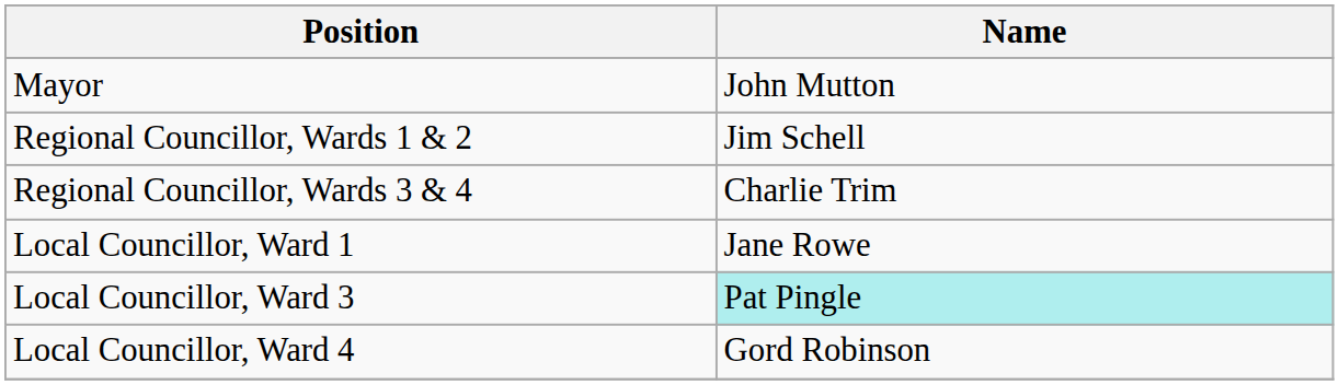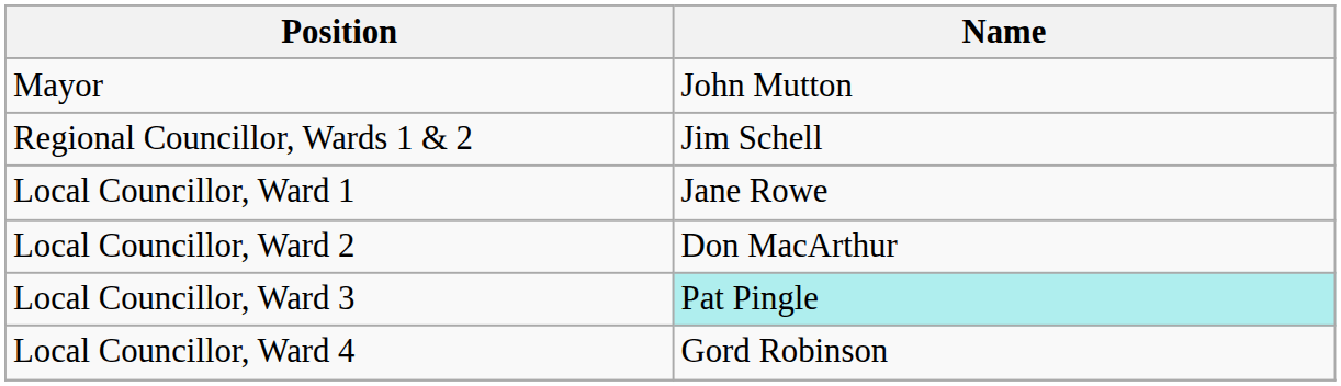 <table class="wikitable" style="width:50%;">
 <tr>
 <th bgcolor="#DDDDFF" width="50px">Position</th>
 <th bgcolor="#DDDDFF" width="50px">Name</th>
 </tr>
 <tr>
 <td>Mayor</td>
 <td>John Mutton</td>
 </tr>
 <tr>
 <td>Regional Councillor, Wards 1 & 2</td>
 <td>Jim Schell</td>
 </tr>
 <tr>
-<td>Regional Councillor, Wards 3 & 4</td>
-<td>Charlie Trim</td>
+<td>Local Councillor, Ward 1</td>
+<td>Jane Rowe</td>
 </tr>
 <tr>
-<td>Local Councillor, Ward 1</td>
-<td>Jane Rowe</td>
+<td>Local Councillor, Ward 2</td>
+<td>Don MacArthur</td>
 </tr>
 <tr>
 <td>Local Councillor, Ward 3</td>
 <td style="background: paleturquoise;">Pat Pingle</td>
 </tr>
 <tr>
 <td>Local Councillor, Ward 4</td>
 <td>Gord Robinson</td>
 </tr>
 <tr>
 </tr>
 </table>
